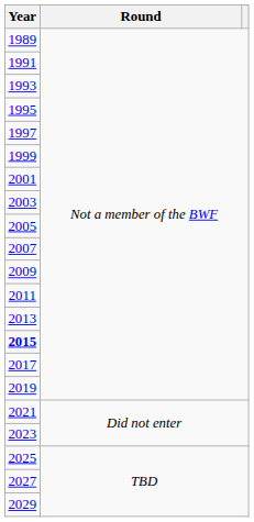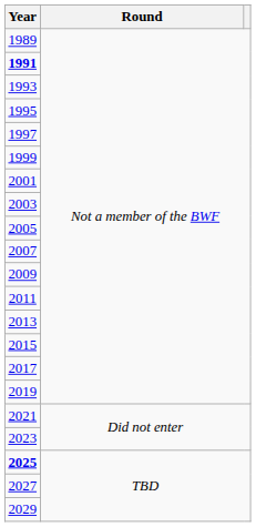 <table class="wikitable" style="text-align: center; font-size:90%">
 <tr>
 <th>Year</th>
 <th style="width:200px">Round</th>
 <th></th>
 </tr>
 <tr>
 <td><a href='#'>1989</a></td>
 <td colspan="2" rowspan="16"><em>Not a member of the <a href='#'>BWF</a></em></td>
 </tr>
 <tr>
-<td><a href='#'>1991</a></td>
+<td><strong><a href='#'>1991</a></strong></td>
 </tr>
 <tr>
 <td><a href='#'>1993</a></td>
 </tr>
 <tr>
 <td><a href='#'>1995</a></td>
 </tr>
 <tr>
 <td><a href='#'>1997</a></td>
 </tr>
 <tr>
 <td><a href='#'>1999</a></td>
 </tr>
 <tr>
 <td><a href='#'>2001</a></td>
 </tr>
 <tr>
 <td><a href='#'>2003</a></td>
 </tr>
 <tr>
 <td><a href='#'>2005</a></td>
 </tr>
 <tr>
 <td><a href='#'>2007</a></td>
 </tr>
 <tr>
 <td><a href='#'>2009</a></td>
 </tr>
 <tr>
 <td><a href='#'>2011</a></td>
 </tr>
 <tr>
 <td><a href='#'>2013</a></td>
 </tr>
 <tr>
-<td><strong><a href='#'>2015</a></strong></td>
+<td><a href='#'>2015</a></td>
 </tr>
 <tr>
 <td><a href='#'>2017</a></td>
 </tr>
 <tr>
 <td><a href='#'>2019</a></td>
 </tr>
 <tr>
 <td><a href='#'>2021</a></td>
 <td colspan="2" rowspan="2"><em>Did not enter</em></td>
 </tr>
 <tr>
 <td><a href='#'>2023</a></td>
 </tr>
 <tr>
-<td><a href='#'>2025</a></td>
+<td><strong><a href='#'>2025</a></strong></td>
 <td colspan="2" rowspan="3"><em>TBD</em></td>
 </tr>
 <tr>
 <td><a href='#'>2027</a></td>
 </tr>
 <tr>
 <td><a href='#'>2029</a></td>
 </tr>
 </table>
